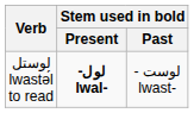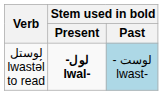 <table class="wikitable" style="text-align: center">
 <tr>
 <th rowspan="2">Verb</th>
 <th colspan="2">Stem used in bold</th>
 </tr>
 <tr>
 <th>Present</th>
 <th>Past</th>
 </tr>
 <tr>
 <td>لوستل<br> lwastә́l<br>to read</td>
 <td><strong>-لول <br> lwal-</strong></td>
-<td>‑ لوست<br>lwast-</td>
+<td style="background: lightblue;">‑ لوست<br>lwast-</td>
 </tr>
 </table>
